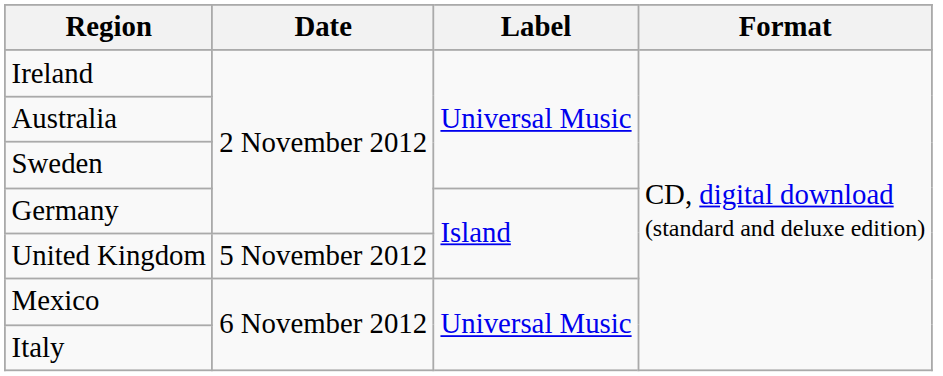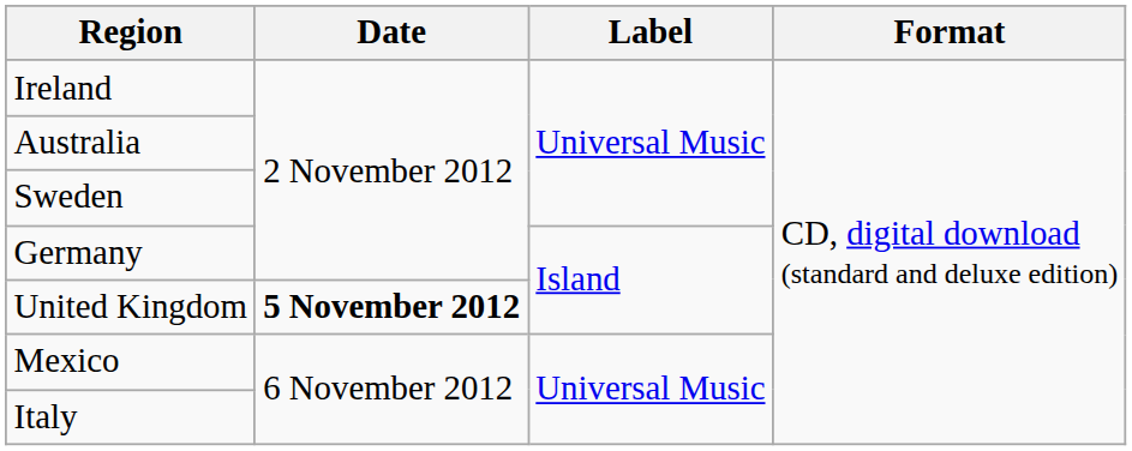 <table class="wikitable">
 <tr>
 <th>Region</th>
 <th>Date</th>
 <th>Label</th>
 <th>Format</th>
 </tr>
 <tr>
 <td>Ireland</td>
 <td rowspan="4">2 November 2012</td>
 <td rowspan="3"><a href='#'>Universal Music</a></td>
 <td rowspan="7">CD, <a href='#'>digital download</a><br><small>(standard and deluxe edition)</small></td>
 </tr>
 <tr>
 <td>Australia</td>
 </tr>
 <tr>
 <td>Sweden</td>
 </tr>
 <tr>
 <td>Germany</td>
 <td rowspan="2"><a href='#'>Island</a></td>
 </tr>
 <tr>
 <td>United Kingdom</td>
-<td>5 November 2012</td>
+<td><strong>5 November 2012</strong></td>
 </tr>
 <tr>
 <td>Mexico</td>
 <td rowspan="2">6 November 2012</td>
 <td rowspan="2"><a href='#'>Universal Music</a></td>
 </tr>
 <tr>
 <td>Italy</td>
 </tr>
 </table>
